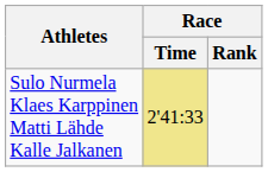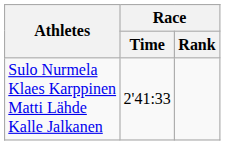 <table class="wikitable" border="1" style="font-size:90%">
 <tr>
 <th rowspan=2>Athletes</th>
 <th colspan=2>Race</th>
 </tr>
 <tr>
 <th>Time</th>
 <th>Rank</th>
 </tr>
 <tr>
 <td><a href='#'>Sulo Nurmela</a><br><a href='#'>Klaes Karppinen</a><br><a href='#'>Matti Lähde</a><br><a href='#'>Kalle Jalkanen</a></td>
-<td align=center style="background: khaki;">2'41:33</td>
+<td align=center>2'41:33</td>
 <td align=center></td>
 </tr>
 </table>
